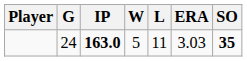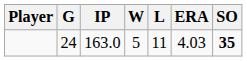 <table class="wikitable sortable" style="text-align:center;">
 <tr>
 <th>Player</th>
 <th>G</th>
 <th>IP</th>
 <th>W</th>
 <th>L</th>
 <th>ERA</th>
 <th>SO</th>
 </tr>
 <tr>
 <td></td>
 <td>24</td>
-<td><strong>163.0</strong></td>
+<td>163.0</td>
 <td>5</td>
 <td>11</td>
-<td>3.03</td>
+<td>4.03</td>
 <td><strong>35</strong></td>
 </tr>
 </table>
